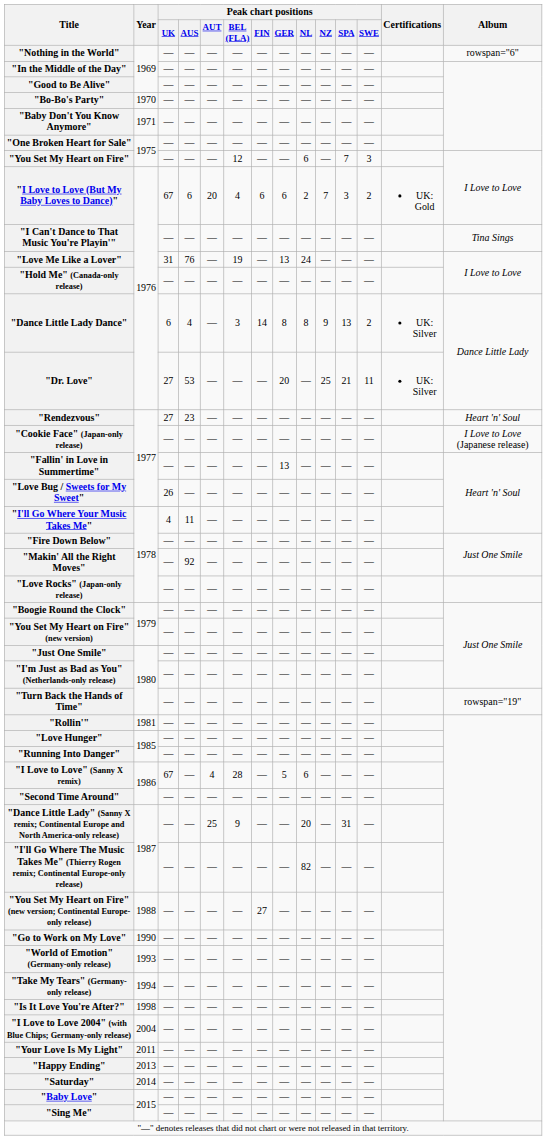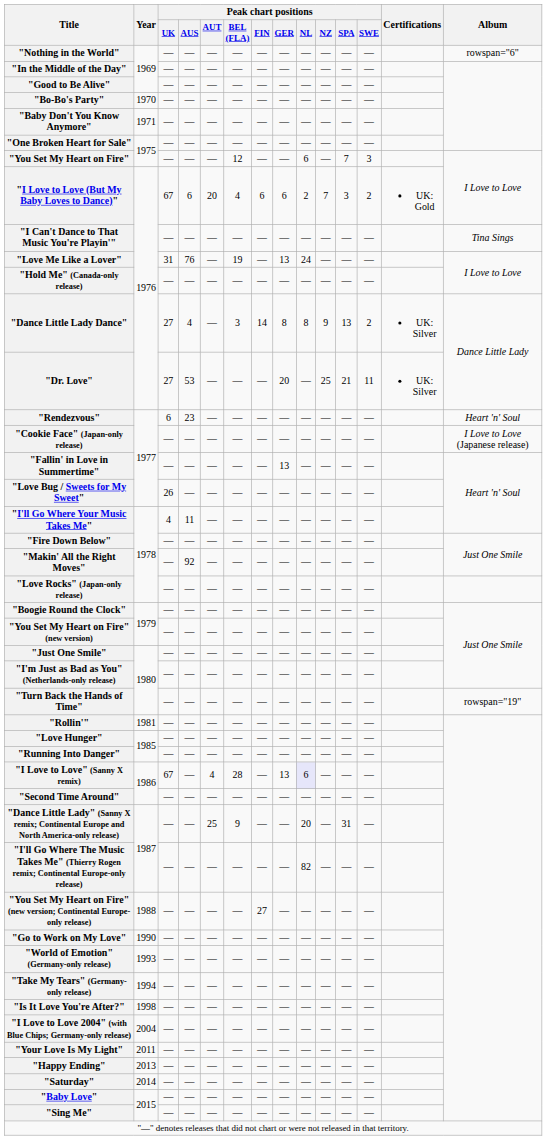 <table class="wikitable plainrowheaders" style="text-align:center;">
 <tr>
 <th rowspan="2" scope="col" style="width:17em;">Title</th>
 <th rowspan="2" scope="col" style="width:2em;">Year</th>
 <th colspan="10">Peak chart positions</th>
 <th rowspan="2">Certifications</th>
 <th rowspan="2" style="width:12em;">Album</th>
 </tr>
 <tr>
 <th scope="col" style="width:2em;font-size:90%;"><a href='#'>UK</a><br></th>
 <th scope="col" style="width:2em;font-size:90%;"><a href='#'>AUS</a><br></th>
 <th scope="col" style="width:2em;font-size:90%;"><a href='#'>AUT</a><br><br></th>
 <th scope="col" style="width:2em;font-size:90%;"><a href='#'>BEL (FLA)</a><br></th>
 <th scope="col" style="width:2em;font-size:90%;"><a href='#'>FIN</a><br></th>
 <th scope="col" style="width:2em;font-size:90%;"><a href='#'>GER</a><br></th>
 <th scope="col" style="width:2em;font-size:90%;"><a href='#'>NL</a><br></th>
 <th scope="col" style="width:2em;font-size:90%;"><a href='#'>NZ</a><br></th>
 <th scope="col" style="width:2em;font-size:90%;"><a href='#'>SPA</a><br></th>
 <th scope="col" style="width:2em;font-size:90%;"><a href='#'>SWE</a><br></th>
 </tr>
 <tr>
 <th scope="row">"Nothing in the World"</th>
 <td rowspan="3">1969</td>
 <td>—</td>
 <td>—</td>
 <td>—</td>
 <td>—</td>
 <td>—</td>
 <td>—</td>
 <td>—</td>
 <td>—</td>
 <td>—</td>
 <td>—</td>
 <td></td>
 <td>rowspan="6" </td>
 </tr>
 <tr>
 <th scope="row">"In the Middle of the Day"</th>
 <td>—</td>
 <td>—</td>
 <td>—</td>
 <td>—</td>
 <td>—</td>
 <td>—</td>
 <td>—</td>
 <td>—</td>
 <td>—</td>
 <td>—</td>
 <td></td>
 </tr>
 <tr>
 <th scope="row">"Good to Be Alive"</th>
 <td>—</td>
 <td>—</td>
 <td>—</td>
 <td>—</td>
 <td>—</td>
 <td>—</td>
 <td>—</td>
 <td>—</td>
 <td>—</td>
 <td>—</td>
 <td></td>
 </tr>
 <tr>
 <th scope="row">"Bo-Bo's Party"</th>
 <td>1970</td>
 <td>—</td>
 <td>—</td>
 <td>—</td>
 <td>—</td>
 <td>—</td>
 <td>—</td>
 <td>—</td>
 <td>—</td>
 <td>—</td>
 <td>—</td>
 <td></td>
 </tr>
 <tr>
 <th scope="row">"Baby Don't You Know Anymore"</th>
 <td>1971</td>
 <td>—</td>
 <td>—</td>
 <td>—</td>
 <td>—</td>
 <td>—</td>
 <td>—</td>
 <td>—</td>
 <td>—</td>
 <td>—</td>
 <td>—</td>
 <td></td>
 </tr>
 <tr>
 <th scope="row">"One Broken Heart for Sale"</th>
 <td rowspan="2">1975</td>
 <td>—</td>
 <td>—</td>
 <td>—</td>
 <td>—</td>
 <td>—</td>
 <td>—</td>
 <td>—</td>
 <td>—</td>
 <td>—</td>
 <td>—</td>
 <td></td>
 </tr>
 <tr>
 <th scope="row">"You Set My Heart on Fire"</th>
 <td>—</td>
 <td>—</td>
 <td>—</td>
 <td>12</td>
 <td>—</td>
 <td>—</td>
 <td>6</td>
 <td>—</td>
 <td>7</td>
 <td>3</td>
 <td></td>
 <td rowspan="2"><em>I Love to Love</em></td>
 </tr>
 <tr>
 <th scope="row">"<a href='#'>I Love to Love (But My Baby Loves to Dance)</a>"</th>
 <td rowspan="6">1976</td>
 <td>67</td>
 <td>6</td>
 <td>20</td>
 <td>4</td>
 <td>6</td>
 <td>6</td>
 <td>2</td>
 <td>7</td>
 <td>3</td>
 <td>2</td>
 <td><br><ul><li>UK: Gold</li></ul></td>
 </tr>
 <tr>
 <th scope="row">"I Can't Dance to That Music You're Playin'"</th>
 <td>—</td>
 <td>—</td>
 <td>—</td>
 <td>—</td>
 <td>—</td>
 <td>—</td>
 <td>—</td>
 <td>—</td>
 <td>—</td>
 <td>—</td>
 <td></td>
 <td><em>Tina Sings</em></td>
 </tr>
 <tr>
 <th scope="row">"Love Me Like a Lover"</th>
 <td>31</td>
 <td>76</td>
 <td>—</td>
 <td>19</td>
 <td>—</td>
 <td>13</td>
 <td>24</td>
 <td>—</td>
 <td>—</td>
 <td>—</td>
 <td></td>
 <td rowspan="2"><em>I Love to Love</em></td>
 </tr>
 <tr>
 <th scope="row">"Hold Me" <small>(Canada-only release)</small></th>
 <td>—</td>
 <td>—</td>
 <td>—</td>
 <td>—</td>
 <td>—</td>
 <td>—</td>
 <td>—</td>
 <td>—</td>
 <td>—</td>
 <td>—</td>
 <td></td>
 </tr>
 <tr>
 <th scope="row">"Dance Little Lady Dance"</th>
-<td>6</td>
+<td>27</td>
 <td>4</td>
 <td>—</td>
 <td>3</td>
 <td>14</td>
 <td>8</td>
 <td>8</td>
 <td>9</td>
 <td>13</td>
 <td>2</td>
 <td><br><ul><li>UK: Silver</li></ul></td>
 <td rowspan="2"><em>Dance Little Lady</em></td>
 </tr>
 <tr>
 <th scope="row">"Dr. Love"</th>
 <td>27</td>
 <td>53</td>
 <td>—</td>
 <td>—</td>
 <td>—</td>
 <td>20</td>
 <td>—</td>
 <td>25</td>
 <td>21</td>
 <td>11</td>
 <td><br><ul><li>UK: Silver</li></ul></td>
 </tr>
 <tr>
 <th scope="row">"Rendezvous"</th>
 <td rowspan="4">1977</td>
-<td>27</td>
+<td>6</td>
 <td>23</td>
 <td>—</td>
 <td>—</td>
 <td>—</td>
 <td>—</td>
 <td>—</td>
 <td>—</td>
 <td>—</td>
 <td>—</td>
 <td></td>
 <td><em>Heart 'n' Soul</em></td>
 </tr>
 <tr>
 <th scope="row">"Cookie Face" <small>(Japan-only release)</small></th>
 <td>—</td>
 <td>—</td>
 <td>—</td>
 <td>—</td>
 <td>—</td>
 <td>—</td>
 <td>—</td>
 <td>—</td>
 <td>—</td>
 <td>—</td>
 <td></td>
 <td><em>I Love to Love</em> (Japanese release)</td>
 </tr>
 <tr>
 <th scope="row">"Fallin' in Love in Summertime"</th>
 <td>—</td>
 <td>—</td>
 <td>—</td>
 <td>—</td>
 <td>—</td>
 <td>13</td>
 <td>—</td>
 <td>—</td>
 <td>—</td>
 <td>—</td>
 <td></td>
 <td rowspan="3"><em>Heart 'n' Soul</em></td>
 </tr>
 <tr>
 <th scope="row">"Love Bug / <a href='#'>Sweets for My Sweet</a>"</th>
 <td>26</td>
 <td>—</td>
 <td>—</td>
 <td>—</td>
 <td>—</td>
 <td>—</td>
 <td>—</td>
 <td>—</td>
 <td>—</td>
 <td>—</td>
 <td></td>
 </tr>
 <tr>
 <th scope="row">"<a href='#'>I'll Go Where Your Music Takes Me</a>"</th>
 <td rowspan="4">1978</td>
 <td>4</td>
 <td>11</td>
 <td>—</td>
 <td>—</td>
 <td>—</td>
 <td>—</td>
 <td>—</td>
 <td>—</td>
 <td>—</td>
 <td>—</td>
 <td></td>
 </tr>
 <tr>
 <th scope="row">"Fire Down Below"</th>
 <td>—</td>
 <td>—</td>
 <td>—</td>
 <td>—</td>
 <td>—</td>
 <td>—</td>
 <td>—</td>
 <td>—</td>
 <td>—</td>
 <td>—</td>
 <td></td>
 <td rowspan="2"><em>Just One Smile</em></td>
 </tr>
 <tr>
 <th scope="row">"Makin' All the Right Moves"</th>
 <td>—</td>
 <td>92</td>
 <td>—</td>
 <td>—</td>
 <td>—</td>
 <td>—</td>
 <td>—</td>
 <td>—</td>
 <td>—</td>
 <td>—</td>
 <td></td>
 </tr>
 <tr>
 <th scope="row">"Love Rocks" <small>(Japan-only release)</small></th>
 <td>—</td>
 <td>—</td>
 <td>—</td>
 <td>—</td>
 <td>—</td>
 <td>—</td>
 <td>—</td>
 <td>—</td>
 <td>—</td>
 <td>—</td>
 <td></td>
 <td></td>
 </tr>
 <tr>
 <th scope="row">"Boogie Round the Clock"</th>
 <td rowspan="2">1979</td>
 <td>—</td>
 <td>—</td>
 <td>—</td>
 <td>—</td>
 <td>—</td>
 <td>—</td>
 <td>—</td>
 <td>—</td>
 <td>—</td>
 <td>—</td>
 <td></td>
 <td rowspan="4"><em>Just One Smile</em></td>
 </tr>
 <tr>
 <th scope="row">"You Set My Heart on Fire" <small>(new version)</small></th>
 <td>—</td>
 <td>—</td>
 <td>—</td>
 <td>—</td>
 <td>—</td>
 <td>—</td>
 <td>—</td>
 <td>—</td>
 <td>—</td>
 <td>—</td>
 <td></td>
 </tr>
 <tr>
 <th scope="row">"Just One Smile"</th>
 <td rowspan="3">1980</td>
 <td>—</td>
 <td>—</td>
 <td>—</td>
 <td>—</td>
 <td>—</td>
 <td>—</td>
 <td>—</td>
 <td>—</td>
 <td>—</td>
 <td>—</td>
 <td></td>
 </tr>
 <tr>
 <th scope="row">"I'm Just as Bad as You" <small>(Netherlands-only release)</small></th>
 <td>—</td>
 <td>—</td>
 <td>—</td>
 <td>—</td>
 <td>—</td>
 <td>—</td>
 <td>—</td>
 <td>—</td>
 <td>—</td>
 <td>—</td>
 <td></td>
 </tr>
 <tr>
 <th scope="row">"Turn Back the Hands of Time"</th>
 <td>—</td>
 <td>—</td>
 <td>—</td>
 <td>—</td>
 <td>—</td>
 <td>—</td>
 <td>—</td>
 <td>—</td>
 <td>—</td>
 <td>—</td>
 <td></td>
 <td>rowspan="19" </td>
 </tr>
 <tr>
 <th scope="row">"Rollin'"</th>
 <td>1981</td>
 <td>—</td>
 <td>—</td>
 <td>—</td>
 <td>—</td>
 <td>—</td>
 <td>—</td>
 <td>—</td>
 <td>—</td>
 <td>—</td>
 <td>—</td>
 <td></td>
 </tr>
 <tr>
 <th scope="row">"Love Hunger"</th>
 <td rowspan="2">1985</td>
 <td>—</td>
 <td>—</td>
 <td>—</td>
 <td>—</td>
 <td>—</td>
 <td>—</td>
 <td>—</td>
 <td>—</td>
 <td>—</td>
 <td>—</td>
 <td></td>
 </tr>
 <tr>
 <th scope="row">"Running Into Danger"</th>
 <td>—</td>
 <td>—</td>
 <td>—</td>
 <td>—</td>
 <td>—</td>
 <td>—</td>
 <td>—</td>
 <td>—</td>
 <td>—</td>
 <td>—</td>
 <td></td>
 </tr>
 <tr>
 <th scope="row">"I Love to Love" <small>(Sanny X remix)</small></th>
 <td rowspan="2">1986</td>
 <td>67</td>
 <td>—</td>
 <td>4</td>
 <td>28</td>
 <td>—</td>
-<td>5</td>
-<td>6</td>
+<td>13</td>
+<td style="background: lavender;">6</td>
 <td>—</td>
 <td>—</td>
 <td>—</td>
 <td></td>
 </tr>
 <tr>
 <th scope="row">"Second Time Around"</th>
 <td>—</td>
 <td>—</td>
 <td>—</td>
 <td>—</td>
 <td>—</td>
 <td>—</td>
 <td>—</td>
 <td>—</td>
 <td>—</td>
 <td>—</td>
 <td></td>
 </tr>
 <tr>
 <th scope="row">"Dance Little Lady" <small>(Sanny X remix; Continental Europe and North America-only release)</small></th>
 <td rowspan="2">1987</td>
 <td>—</td>
 <td>—</td>
 <td>25</td>
 <td>9</td>
 <td>—</td>
 <td>—</td>
 <td>20</td>
 <td>—</td>
 <td>31</td>
 <td>—</td>
 <td></td>
 </tr>
 <tr>
 <th scope="row">"I'll Go Where The Music Takes Me" <small>(Thierry Rogen remix; Continental Europe-only release)</small></th>
 <td>—</td>
 <td>—</td>
 <td>—</td>
 <td>—</td>
 <td>—</td>
 <td>—</td>
 <td>82</td>
 <td>—</td>
 <td>—</td>
 <td>—</td>
 <td></td>
 </tr>
 <tr>
 <th scope="row">"You Set My Heart on Fire" <small>(new version; Continental Europe-only release)</small></th>
 <td>1988</td>
 <td>—</td>
 <td>—</td>
 <td>—</td>
 <td>—</td>
 <td>27</td>
 <td>—</td>
 <td>—</td>
 <td>—</td>
 <td>—</td>
 <td>—</td>
 <td></td>
 </tr>
 <tr>
 <th scope="row">"Go to Work on My Love"</th>
 <td>1990</td>
 <td>—</td>
 <td>—</td>
 <td>—</td>
 <td>—</td>
 <td>—</td>
 <td>—</td>
 <td>—</td>
 <td>—</td>
 <td>—</td>
 <td>—</td>
 <td></td>
 </tr>
 <tr>
 <th scope="row">"World of Emotion" <small>(Germany-only release)</small></th>
 <td>1993</td>
 <td>—</td>
 <td>—</td>
 <td>—</td>
 <td>—</td>
 <td>—</td>
 <td>—</td>
 <td>—</td>
 <td>—</td>
 <td>—</td>
 <td>—</td>
 <td></td>
 </tr>
 <tr>
 <th scope="row">"Take My Tears" <small>(Germany-only release)</small></th>
 <td>1994</td>
 <td>—</td>
 <td>—</td>
 <td>—</td>
 <td>—</td>
 <td>—</td>
 <td>—</td>
 <td>—</td>
 <td>—</td>
 <td>—</td>
 <td>—</td>
 <td></td>
 </tr>
 <tr>
 <th scope="row">"Is It Love You're After?"</th>
 <td>1998</td>
 <td>—</td>
 <td>—</td>
 <td>—</td>
 <td>—</td>
 <td>—</td>
 <td>—</td>
 <td>—</td>
 <td>—</td>
 <td>—</td>
 <td>—</td>
 <td></td>
 </tr>
 <tr>
 <th scope="row">"I Love to Love 2004" <small>(with Blue Chips; Germany-only release)</small></th>
 <td>2004</td>
 <td>—</td>
 <td>—</td>
 <td>—</td>
 <td>—</td>
 <td>—</td>
 <td>—</td>
 <td>—</td>
 <td>—</td>
 <td>—</td>
 <td>—</td>
 <td></td>
 </tr>
 <tr>
 <th scope="row">"Your Love Is My Light"</th>
 <td>2011</td>
 <td>—</td>
 <td>—</td>
 <td>—</td>
 <td>—</td>
 <td>—</td>
 <td>—</td>
 <td>—</td>
 <td>—</td>
 <td>—</td>
 <td>—</td>
 <td></td>
 </tr>
 <tr>
 <th scope="row">"Happy Ending"</th>
 <td>2013</td>
 <td>—</td>
 <td>—</td>
 <td>—</td>
 <td>—</td>
 <td>—</td>
 <td>—</td>
 <td>—</td>
 <td>—</td>
 <td>—</td>
 <td>—</td>
 <td></td>
 </tr>
 <tr>
 <th scope="row">"Saturday"</th>
 <td>2014</td>
 <td>—</td>
 <td>—</td>
 <td>—</td>
 <td>—</td>
 <td>—</td>
 <td>—</td>
 <td>—</td>
 <td>—</td>
 <td>—</td>
 <td>—</td>
 <td></td>
 </tr>
 <tr>
 <th scope="row">"<a href='#'>Baby Love</a>"</th>
 <td rowspan="2">2015</td>
 <td>—</td>
 <td>—</td>
 <td>—</td>
 <td>—</td>
 <td>—</td>
 <td>—</td>
 <td>—</td>
 <td>—</td>
 <td>—</td>
 <td>—</td>
 <td></td>
 </tr>
 <tr>
 <th scope="row">"Sing Me"</th>
 <td>—</td>
 <td>—</td>
 <td>—</td>
 <td>—</td>
 <td>—</td>
 <td>—</td>
 <td>—</td>
 <td>—</td>
 <td>—</td>
 <td>—</td>
 <td></td>
 </tr>
 <tr>
 <td colspan="14" style="font-size:90%">"—" denotes releases that did not chart or were not released in that territory.</td>
 </tr>
 </table>
